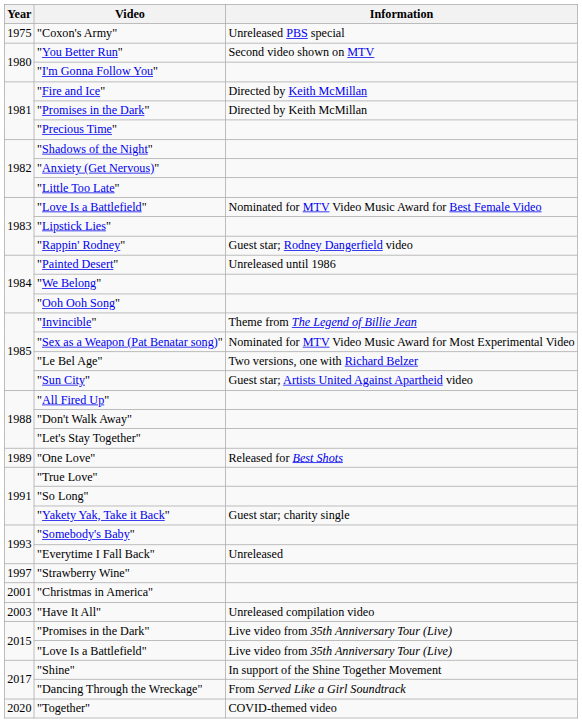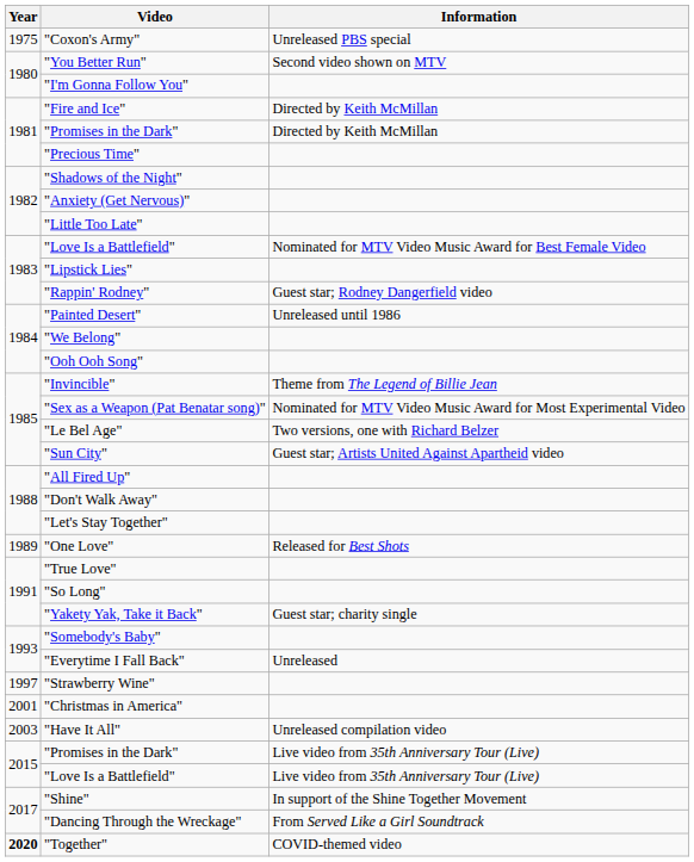 <table class="wikitable">
 <tr>
 <th>Year</th>
 <th>Video</th>
 <th>Information</th>
 </tr>
 <tr>
 <td>1975</td>
 <td>"Coxon's Army"</td>
 <td>Unreleased <a href='#'>PBS</a> special</td>
 </tr>
 <tr>
 <td rowspan="2">1980</td>
 <td>"<a href='#'>You Better Run</a>"</td>
 <td>Second video shown on <a href='#'>MTV</a></td>
 </tr>
 <tr>
 <td>"<a href='#'>I'm Gonna Follow You</a>"</td>
 <td></td>
 </tr>
 <tr>
 <td rowspan="3">1981</td>
 <td>"<a href='#'>Fire and Ice</a>"</td>
 <td>Directed by <a href='#'>Keith McMillan</a></td>
 </tr>
 <tr>
 <td>"<a href='#'>Promises in the Dark</a>"</td>
 <td>Directed by Keith McMillan</td>
 </tr>
 <tr>
 <td>"<a href='#'>Precious Time</a>"</td>
 <td></td>
 </tr>
 <tr>
 <td rowspan="3">1982</td>
 <td>"<a href='#'>Shadows of the Night</a>"</td>
 <td></td>
 </tr>
 <tr>
 <td>"<a href='#'>Anxiety (Get Nervous)</a>"</td>
 <td></td>
 </tr>
 <tr>
 <td>"<a href='#'>Little Too Late</a>"</td>
 <td></td>
 </tr>
 <tr>
 <td rowspan="3">1983</td>
 <td>"<a href='#'>Love Is a Battlefield</a>"</td>
 <td>Nominated for <a href='#'>MTV</a> Video Music Award for <a href='#'>Best Female Video</a></td>
 </tr>
 <tr>
 <td>"<a href='#'>Lipstick Lies</a>"</td>
 <td></td>
 </tr>
 <tr>
 <td>"<a href='#'>Rappin' Rodney</a>"</td>
 <td>Guest star; <a href='#'>Rodney Dangerfield</a> video</td>
 </tr>
 <tr>
 <td rowspan="3">1984</td>
 <td>"<a href='#'>Painted Desert</a>"</td>
 <td>Unreleased until 1986</td>
 </tr>
 <tr>
 <td>"<a href='#'>We Belong</a>"</td>
 <td></td>
 </tr>
 <tr>
 <td>"<a href='#'>Ooh Ooh Song</a>"</td>
 <td></td>
 </tr>
 <tr>
 <td rowspan="4">1985</td>
 <td>"<a href='#'>Invincible</a>"</td>
 <td>Theme from <em><a href='#'>The Legend of Billie Jean</a></em></td>
 </tr>
 <tr>
 <td>"<a href='#'>Sex as a Weapon (Pat Benatar song)</a>"</td>
 <td>Nominated for <a href='#'>MTV</a> Video Music Award for Most Experimental Video</td>
 </tr>
 <tr>
 <td>"Le Bel Age"</td>
 <td>Two versions, one with <a href='#'>Richard Belzer</a></td>
 </tr>
 <tr>
 <td>"<a href='#'>Sun City</a>"</td>
 <td>Guest star; <a href='#'>Artists United Against Apartheid</a> video</td>
 </tr>
 <tr>
 <td rowspan="3">1988</td>
 <td>"<a href='#'>All Fired Up</a>"</td>
 <td></td>
 </tr>
 <tr>
 <td>"Don't Walk Away"</td>
 <td></td>
 </tr>
 <tr>
 <td>"Let's Stay Together"</td>
 <td></td>
 </tr>
 <tr>
 <td>1989</td>
 <td>"One Love"</td>
 <td>Released for <em><a href='#'>Best Shots</a></em></td>
 </tr>
 <tr>
 <td rowspan="3">1991</td>
 <td>"True Love"</td>
 <td></td>
 </tr>
 <tr>
 <td>"So Long"</td>
 <td></td>
 </tr>
 <tr>
 <td>"<a href='#'>Yakety Yak, Take it Back</a>"</td>
 <td>Guest star; charity single</td>
 </tr>
 <tr>
 <td rowspan="2">1993</td>
 <td>"<a href='#'>Somebody's Baby</a>"</td>
 <td></td>
 </tr>
 <tr>
 <td>"Everytime I Fall Back"</td>
 <td>Unreleased</td>
 </tr>
 <tr>
 <td>1997</td>
 <td>"Strawberry Wine"</td>
 </tr>
 <tr>
 <td>2001</td>
 <td>"Christmas in America"</td>
 <td></td>
 </tr>
 <tr>
 <td>2003</td>
 <td>"Have It All"</td>
 <td>Unreleased compilation video</td>
 </tr>
 <tr>
 <td rowspan="2">2015</td>
 <td>"Promises in the Dark"</td>
 <td>Live video from <em>35th Anniversary Tour (Live)</em></td>
 </tr>
 <tr>
 <td>"Love Is a Battlefield"</td>
 <td>Live video from <em>35th Anniversary Tour (Live)</em></td>
 </tr>
 <tr>
 <td rowspan="2">2017</td>
 <td>"Shine"</td>
 <td>In support of the Shine Together Movement</td>
 </tr>
 <tr>
 <td>"Dancing Through the Wreckage"</td>
 <td>From <em>Served Like a Girl Soundtrack</em></td>
 </tr>
 <tr>
-<td>2020</td>
+<td><strong>2020</strong></td>
 <td>"Together"</td>
 <td>COVID-themed video</td>
 </tr>
 </table>
